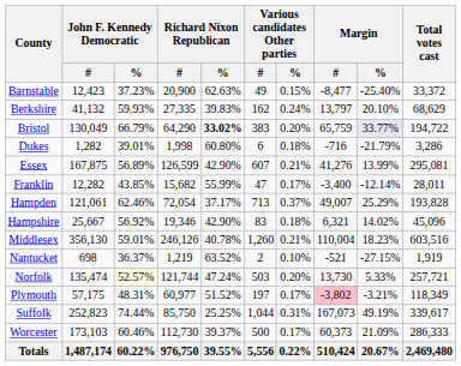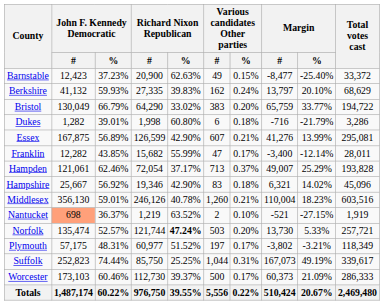 <table width="60%" class="wikitable sortable">
 <tr>
 <th rowspan="2">County</th>
 <th colspan="2">John F. Kennedy<br>Democratic</th>
 <th colspan="2">Richard Nixon<br>Republican</th>
 <th colspan="2">Various candidates<br>Other parties</th>
 <th colspan="2">Margin</th>
 <th rowspan="2">Total votes cast</th>
 </tr>
 <tr bgcolor="lightgrey">
 <th style="text-align:center;" data-sort-type="number">#</th>
 <th style="text-align:center;" data-sort-type="number">%</th>
 <th style="text-align:center;" data-sort-type="number">#</th>
 <th style="text-align:center;" data-sort-type="number">%</th>
 <th style="text-align:center;" data-sort-type="number">#</th>
 <th style="text-align:center;" data-sort-type="number">%</th>
 <th style="text-align:center;" data-sort-type="number">#</th>
 <th style="text-align:center;" data-sort-type="number">%</th>
 </tr>
 <tr style="text-align:center;">
 <td><a href='#'>Barnstable</a></td>
 <td>12,423</td>
 <td>37.23%</td>
 <td>20,900</td>
 <td>62.63%</td>
 <td>49</td>
 <td>0.15%</td>
 <td>-8,477</td>
 <td>-25.40%</td>
 <td>33,372</td>
 </tr>
 <tr style="text-align:center;">
 <td><a href='#'>Berkshire</a></td>
 <td>41,132</td>
 <td>59.93%</td>
 <td>27,335</td>
 <td>39.83%</td>
 <td>162</td>
 <td>0.24%</td>
 <td>13,797</td>
 <td>20.10%</td>
 <td>68,629</td>
 </tr>
 <tr style="text-align:center;">
 <td><a href='#'>Bristol</a></td>
 <td>130,049</td>
 <td>66.79%</td>
 <td>64,290</td>
-<td><strong>33.02%</strong></td>
+<td>33.02%</td>
 <td>383</td>
 <td>0.20%</td>
 <td>65,759</td>
-<td style="background: lavender;">33.77%</td>
+<td>33.77%</td>
 <td>194,722</td>
 </tr>
 <tr style="text-align:center;">
 <td><a href='#'>Dukes</a></td>
 <td>1,282</td>
 <td>39.01%</td>
 <td>1,998</td>
 <td>60.80%</td>
 <td>6</td>
 <td>0.18%</td>
 <td>-716</td>
 <td>-21.79%</td>
 <td>3,286</td>
 </tr>
 <tr style="text-align:center;">
 <td><a href='#'>Essex</a></td>
 <td>167,875</td>
 <td>56.89%</td>
 <td>126,599</td>
 <td>42.90%</td>
 <td>607</td>
 <td>0.21%</td>
 <td>41,276</td>
 <td>13.99%</td>
 <td>295,081</td>
 </tr>
 <tr style="text-align:center;">
 <td><a href='#'>Franklin</a></td>
 <td>12,282</td>
 <td>43.85%</td>
 <td>15,682</td>
 <td>55.99%</td>
 <td>47</td>
 <td>0.17%</td>
 <td>-3,400</td>
 <td>-12.14%</td>
 <td>28,011</td>
 </tr>
 <tr style="text-align:center;">
 <td><a href='#'>Hampden</a></td>
 <td>121,061</td>
 <td>62.46%</td>
 <td>72,054</td>
 <td>37.17%</td>
 <td>713</td>
 <td>0.37%</td>
 <td>49,007</td>
 <td>25.29%</td>
 <td>193,828</td>
 </tr>
 <tr style="text-align:center;">
 <td><a href='#'>Hampshire</a></td>
 <td>25,667</td>
 <td>56.92%</td>
 <td>19,346</td>
 <td>42.90%</td>
 <td>83</td>
 <td>0.18%</td>
 <td>6,321</td>
 <td>14.02%</td>
 <td>45,096</td>
 </tr>
 <tr style="text-align:center;">
 <td><a href='#'>Middlesex</a></td>
 <td>356,130</td>
 <td>59.01%</td>
 <td>246,126</td>
 <td>40.78%</td>
 <td>1,260</td>
 <td>0.21%</td>
 <td>110,004</td>
 <td>18.23%</td>
 <td>603,516</td>
 </tr>
 <tr style="text-align:center;">
 <td><a href='#'>Nantucket</a></td>
-<td>698</td>
+<td style="background: lightsalmon;">698</td>
 <td>36.37%</td>
 <td>1,219</td>
 <td>63.52%</td>
 <td>2</td>
 <td>0.10%</td>
 <td>-521</td>
 <td>-27.15%</td>
 <td>1,919</td>
 </tr>
 <tr style="text-align:center;">
 <td><a href='#'>Norfolk</a></td>
 <td>135,474</td>
-<td style="background: lightyellow;">52.57%</td>
+<td>52.57%</td>
 <td>121,744</td>
-<td>47.24%</td>
+<td><strong>47.24%</strong></td>
 <td>503</td>
 <td>0.20%</td>
 <td>13,730</td>
 <td>5.33%</td>
 <td>257,721</td>
 </tr>
 <tr style="text-align:center;">
 <td><a href='#'>Plymouth</a></td>
 <td>57,175</td>
 <td>48.31%</td>
 <td>60,977</td>
 <td>51.52%</td>
 <td>197</td>
 <td>0.17%</td>
-<td style="background: pink;">-3,802</td>
+<td>-3,802</td>
 <td>-3.21%</td>
 <td>118,349</td>
 </tr>
 <tr style="text-align:center;">
 <td><a href='#'>Suffolk</a></td>
 <td>252,823</td>
 <td>74.44%</td>
 <td>85,750</td>
 <td>25.25%</td>
 <td>1,044</td>
 <td>0.31%</td>
 <td>167,073</td>
 <td>49.19%</td>
 <td>339,617</td>
 </tr>
 <tr style="text-align:center;">
 <td><a href='#'>Worcester</a></td>
 <td>173,103</td>
 <td>60.46%</td>
 <td>112,730</td>
 <td>39.37%</td>
 <td>500</td>
 <td>0.17%</td>
 <td>60,373</td>
 <td>21.09%</td>
 <td>286,333</td>
 </tr>
 <tr>
 <th>Totals</th>
 <th>1,487,174</th>
 <th>60.22%</th>
 <th>976,750</th>
 <th>39.55%</th>
 <th>5,556</th>
 <th>0.22%</th>
 <th>510,424</th>
 <th>20.67%</th>
 <th>2,469,480</th>
 </tr>
 </table>
